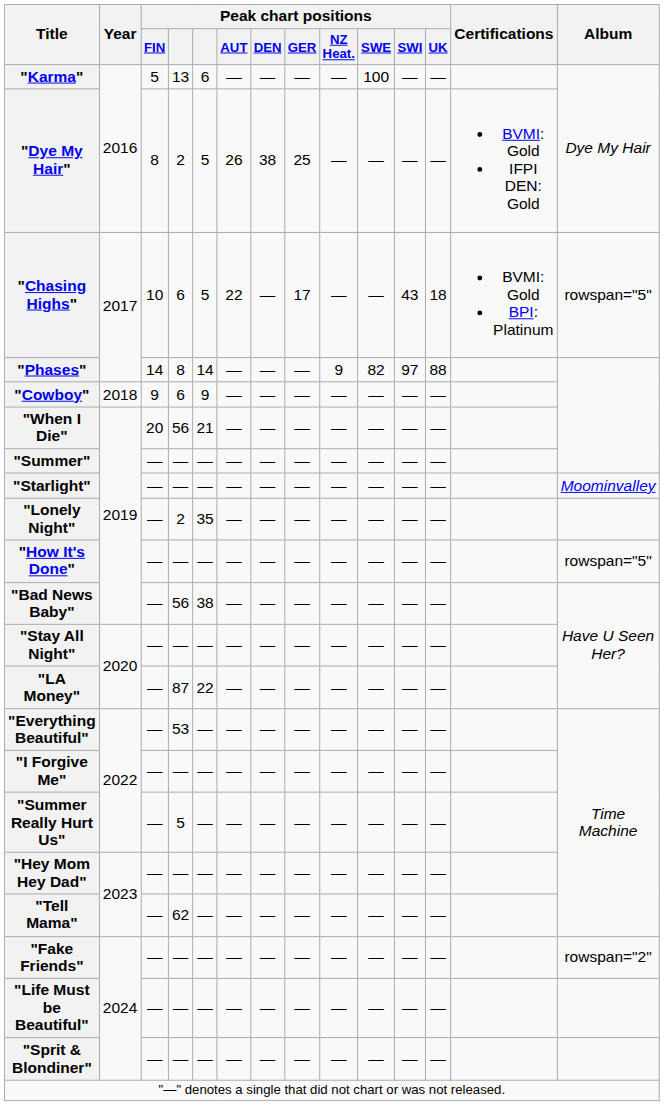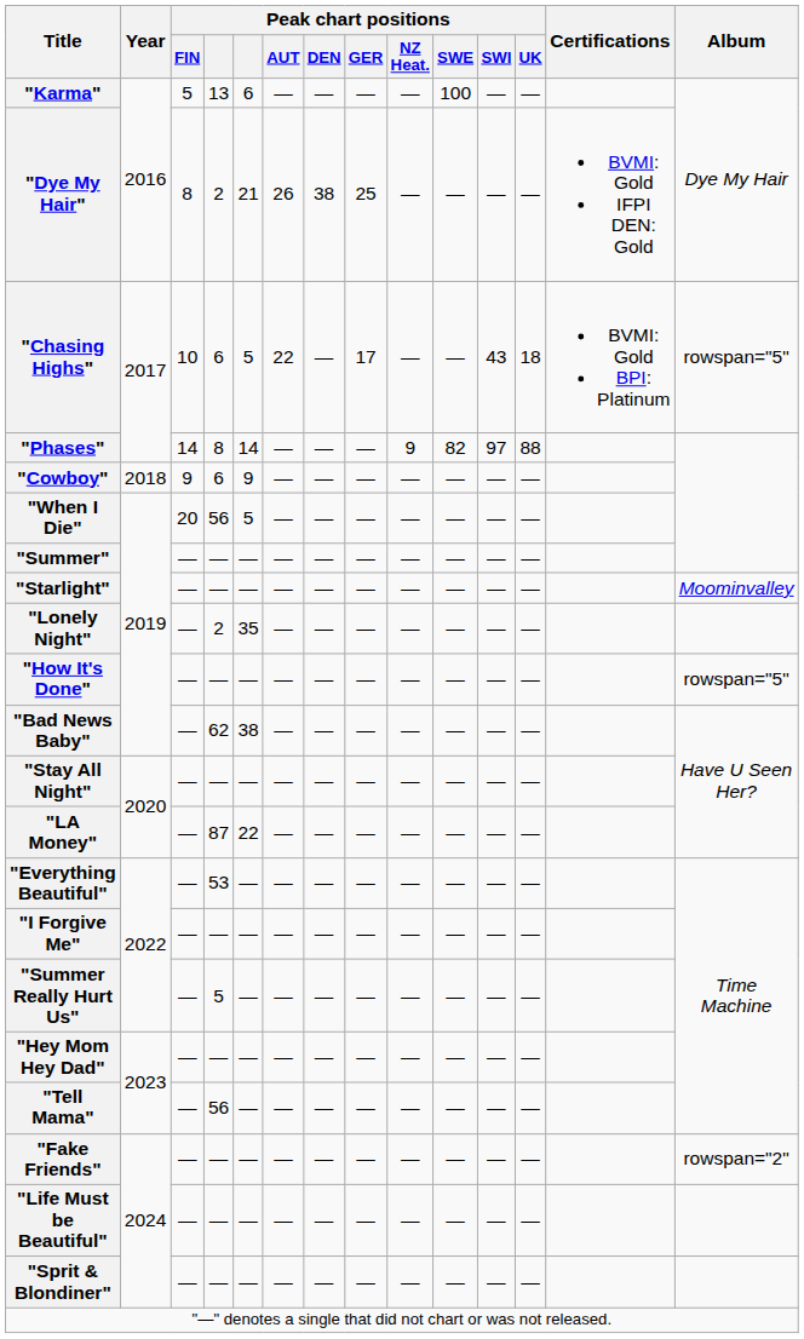 <table class="wikitable plainrowheaders" style="text-align:center;">
 <tr>
 <th scope="col" rowspan="2">Title</th>
 <th scope="col" rowspan="2" style="width:1em;">Year</th>
 <th scope="col" colspan="10">Peak chart positions</th>
 <th scope="col" rowspan="2" style="width:10em;">Certifications</th>
 <th scope="col" rowspan="2">Album</th>
 </tr>
 <tr>
 <th scope="col" style="width:3em;font-size:85%;"><a href='#'>FIN</a><br></th>
 <th scope="col" style="width:3em;font-size:85%;"><a href='#'></a><br></th>
 <th scope="col" style="width:3em;font-size:85%;"><a href='#'></a><br></th>
 <th scope="col" style="width:3em;font-size:85%;"><a href='#'>AUT</a><br></th>
 <th scope="col" style="width:3em;font-size:85%;"><a href='#'>DEN</a><br></th>
 <th scope="col" style="width:3em;font-size:85%;"><a href='#'>GER</a><br></th>
 <th scope="col" style="width:3em;font-size:85%;"><a href='#'>NZ<br>Heat.</a><br></th>
 <th scope="col" style="width:3em;font-size:85%;"><a href='#'>SWE</a><br></th>
 <th scope="col" style="width:3em;font-size:85%;"><a href='#'>SWI</a><br></th>
 <th scope="col" style="width:3em;font-size:85%;"><a href='#'>UK</a><br></th>
 </tr>
 <tr>
 <th scope="row">"<a href='#'>Karma</a>"</th>
 <td rowspan="2">2016</td>
 <td>5</td>
 <td>13</td>
 <td>6</td>
 <td>—</td>
 <td>—</td>
 <td>—</td>
 <td>—</td>
 <td>100</td>
 <td>—</td>
 <td>—</td>
 <td></td>
 <td rowspan="2"><em>Dye My Hair</em></td>
 </tr>
 <tr>
 <th scope="row">"<a href='#'>Dye My Hair</a>"</th>
 <td>8</td>
 <td>2</td>
-<td>5</td>
+<td>21</td>
 <td>26</td>
 <td>38</td>
 <td>25</td>
 <td>—</td>
 <td>—</td>
 <td>—</td>
 <td>—</td>
 <td><br><ul><li><a href='#'>BVMI</a>: Gold</li><li>IFPI DEN: Gold</li></ul></td>
 </tr>
 <tr>
 <th scope="row">"<a href='#'>Chasing Highs</a>"</th>
 <td rowspan="2">2017</td>
 <td>10</td>
 <td>6</td>
 <td>5</td>
 <td>22</td>
 <td>—</td>
 <td>17</td>
 <td>—</td>
 <td>—</td>
 <td>43</td>
 <td>18</td>
 <td><br><ul><li>BVMI: Gold</li><li><a href='#'>BPI</a>: Platinum</li></ul></td>
 <td>rowspan="5" </td>
 </tr>
 <tr>
 <th scope="row">"<a href='#'>Phases</a>"<br></th>
 <td>14</td>
 <td>8</td>
 <td>14</td>
 <td>—</td>
 <td>—</td>
 <td>—</td>
 <td>9</td>
 <td>82</td>
 <td>97</td>
 <td>88</td>
 <td></td>
 </tr>
 <tr>
 <th scope="row">"<a href='#'>Cowboy</a>"</th>
 <td>2018</td>
 <td>9</td>
 <td>6</td>
 <td>9</td>
 <td>—</td>
 <td>—</td>
 <td>—</td>
 <td>—</td>
 <td>—</td>
 <td>—</td>
 <td>—</td>
 <td></td>
 </tr>
 <tr>
 <th scope="row">"When I Die"</th>
 <td rowspan="6">2019</td>
 <td>20</td>
 <td>56</td>
-<td>21</td>
+<td>5</td>
 <td>—</td>
 <td>—</td>
 <td>—</td>
 <td>—</td>
 <td>—</td>
 <td>—</td>
 <td>—</td>
 <td></td>
 </tr>
 <tr>
 <th scope="row">"Summer"</th>
 <td>—</td>
 <td>—</td>
 <td>—</td>
 <td>—</td>
 <td>—</td>
 <td>—</td>
 <td>—</td>
 <td>—</td>
 <td>—</td>
 <td>—</td>
 <td></td>
 </tr>
 <tr>
 <th scope="row">"Starlight"</th>
 <td>—</td>
 <td>—</td>
 <td>—</td>
 <td>—</td>
 <td>—</td>
 <td>—</td>
 <td>—</td>
 <td>—</td>
 <td>—</td>
 <td>—</td>
 <td></td>
 <td><em><a href='#'>Moominvalley</a></em></td>
 </tr>
 <tr>
 <th scope="row">"Lonely Night"</th>
 <td>—</td>
 <td>2</td>
 <td>35</td>
 <td>—</td>
 <td>—</td>
 <td>—</td>
 <td>—</td>
 <td>—</td>
 <td>—</td>
 <td>—</td>
 <td></td>
 <td></td>
 </tr>
 <tr>
 <th scope="row">"<a href='#'>How It's Done</a>"<br></th>
 <td>—</td>
 <td>—</td>
 <td>—</td>
 <td>—</td>
 <td>—</td>
 <td>—</td>
 <td>—</td>
 <td>—</td>
 <td>—</td>
 <td>—</td>
 <td></td>
 <td>rowspan="5" </td>
 </tr>
 <tr>
 <th scope="row">"Bad News Baby"</th>
 <td>—</td>
-<td>56</td>
+<td>62</td>
 <td>38</td>
 <td>—</td>
 <td>—</td>
 <td>—</td>
 <td>—</td>
 <td>—</td>
 <td>—</td>
 <td>—</td>
 <td></td>
 <td rowspan="3"><em>Have U Seen Her?</em></td>
 </tr>
 <tr>
 <th scope="row">"Stay All Night"</th>
 <td rowspan="2">2020</td>
 <td>—</td>
 <td>—</td>
 <td>—</td>
 <td>—</td>
 <td>—</td>
 <td>—</td>
 <td>—</td>
 <td>—</td>
 <td>—</td>
 <td>—</td>
 <td></td>
 </tr>
 <tr>
 <th scope="row">"LA Money"</th>
 <td>—</td>
 <td>87</td>
 <td>22</td>
 <td>—</td>
 <td>—</td>
 <td>—</td>
 <td>—</td>
 <td>—</td>
 <td>—</td>
 <td>—</td>
 <td></td>
 </tr>
 <tr>
 <th scope="row">"Everything Beautiful"</th>
 <td rowspan="3">2022</td>
 <td>—</td>
 <td>53</td>
 <td>—</td>
 <td>—</td>
 <td>—</td>
 <td>—</td>
 <td>—</td>
 <td>—</td>
 <td>—</td>
 <td>—</td>
 <td></td>
 <td rowspan="5"><em>Time Machine</em></td>
 </tr>
 <tr>
 <th scope="row">"I Forgive Me"</th>
 <td>—</td>
 <td>—</td>
 <td>—</td>
 <td>—</td>
 <td>—</td>
 <td>—</td>
 <td>—</td>
 <td>—</td>
 <td>—</td>
 <td>—</td>
 <td></td>
 </tr>
 <tr>
 <th scope="row">"Summer Really Hurt Us"</th>
 <td>—</td>
 <td>5</td>
 <td>—</td>
 <td>—</td>
 <td>—</td>
 <td>—</td>
 <td>—</td>
 <td>—</td>
 <td>—</td>
 <td>—</td>
 <td></td>
 </tr>
 <tr>
 <th scope="row">"Hey Mom Hey Dad"</th>
 <td rowspan="2">2023</td>
 <td>—</td>
 <td>—</td>
 <td>—</td>
 <td>—</td>
 <td>—</td>
 <td>—</td>
 <td>—</td>
 <td>—</td>
 <td>—</td>
 <td>—</td>
 <td></td>
 </tr>
 <tr>
 <th scope="row">"Tell Mama"</th>
 <td>—</td>
-<td>62</td>
+<td>56</td>
 <td>—</td>
 <td>—</td>
 <td>—</td>
 <td>—</td>
 <td>—</td>
 <td>—</td>
 <td>—</td>
 <td>—</td>
 <td></td>
 </tr>
 <tr>
 <th scope="row">"Fake Friends"<br></th>
 <td rowspan="3">2024</td>
 <td>—</td>
 <td>—</td>
 <td>—</td>
 <td>—</td>
 <td>—</td>
 <td>—</td>
 <td>—</td>
 <td>—</td>
 <td>—</td>
 <td>—</td>
 <td></td>
 <td>rowspan="2" </td>
 </tr>
 <tr>
 <th scope="row">"Life Must be Beautiful"</th>
 <td>—</td>
 <td>—</td>
 <td>—</td>
 <td>—</td>
 <td>—</td>
 <td>—</td>
 <td>—</td>
 <td>—</td>
 <td>—</td>
 <td>—</td>
 <td></td>
 </tr>
 <tr>
 <th scope="row">"Sprit & Blondiner"<br></th>
 <td>—</td>
 <td>—</td>
 <td>—</td>
 <td>—</td>
 <td>—</td>
 <td>—</td>
 <td>—</td>
 <td>—</td>
 <td>—</td>
 <td>—</td>
 <td></td>
 <td></td>
 </tr>
 <tr>
 <td colspan="23" style="font-size:85%;">"—" denotes a single that did not chart or was not released.</td>
 </tr>
 </table>
